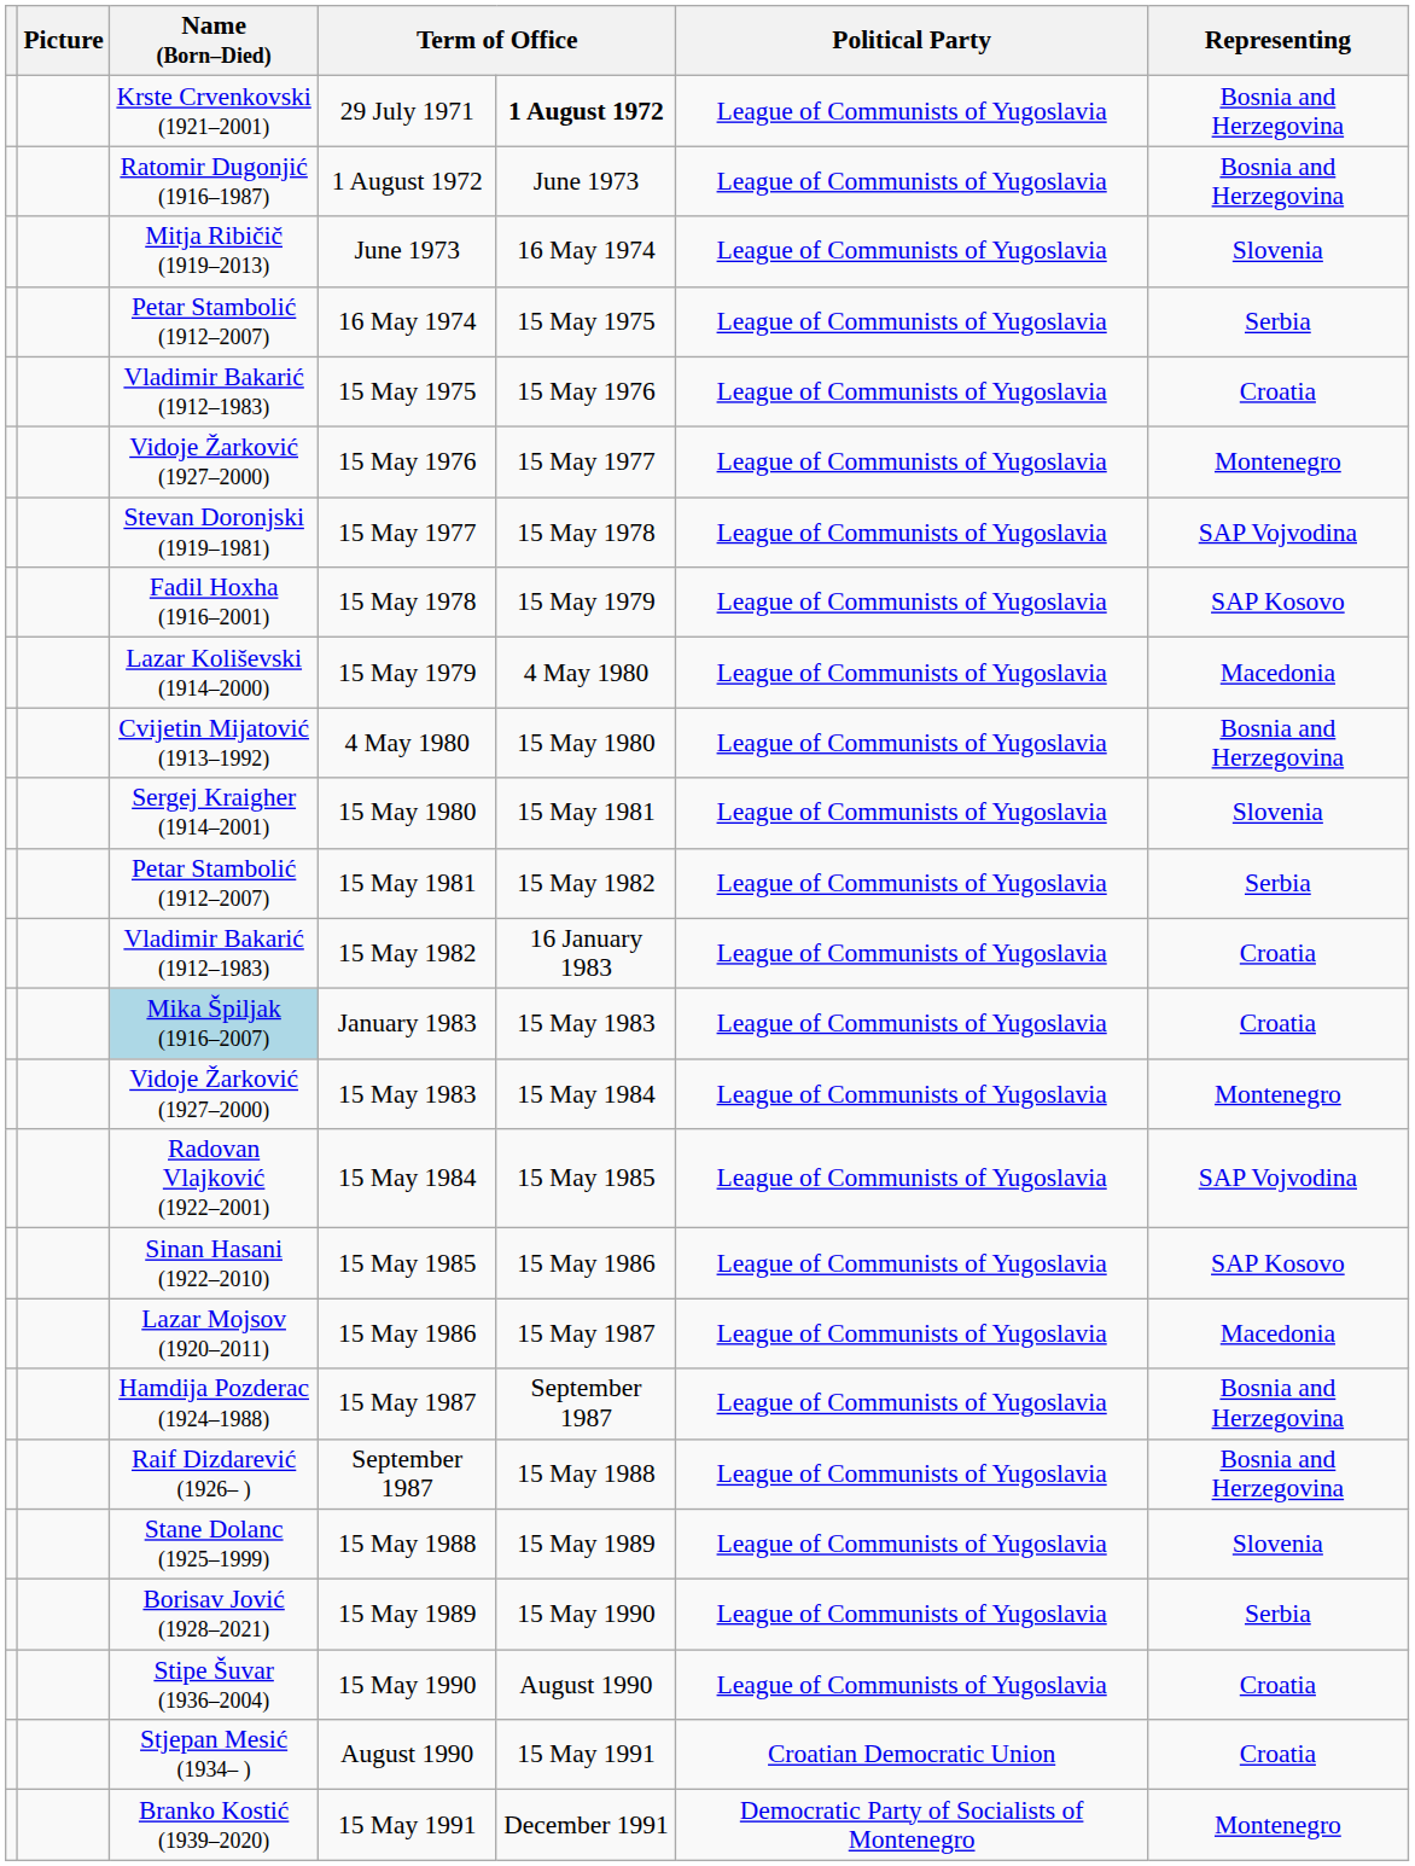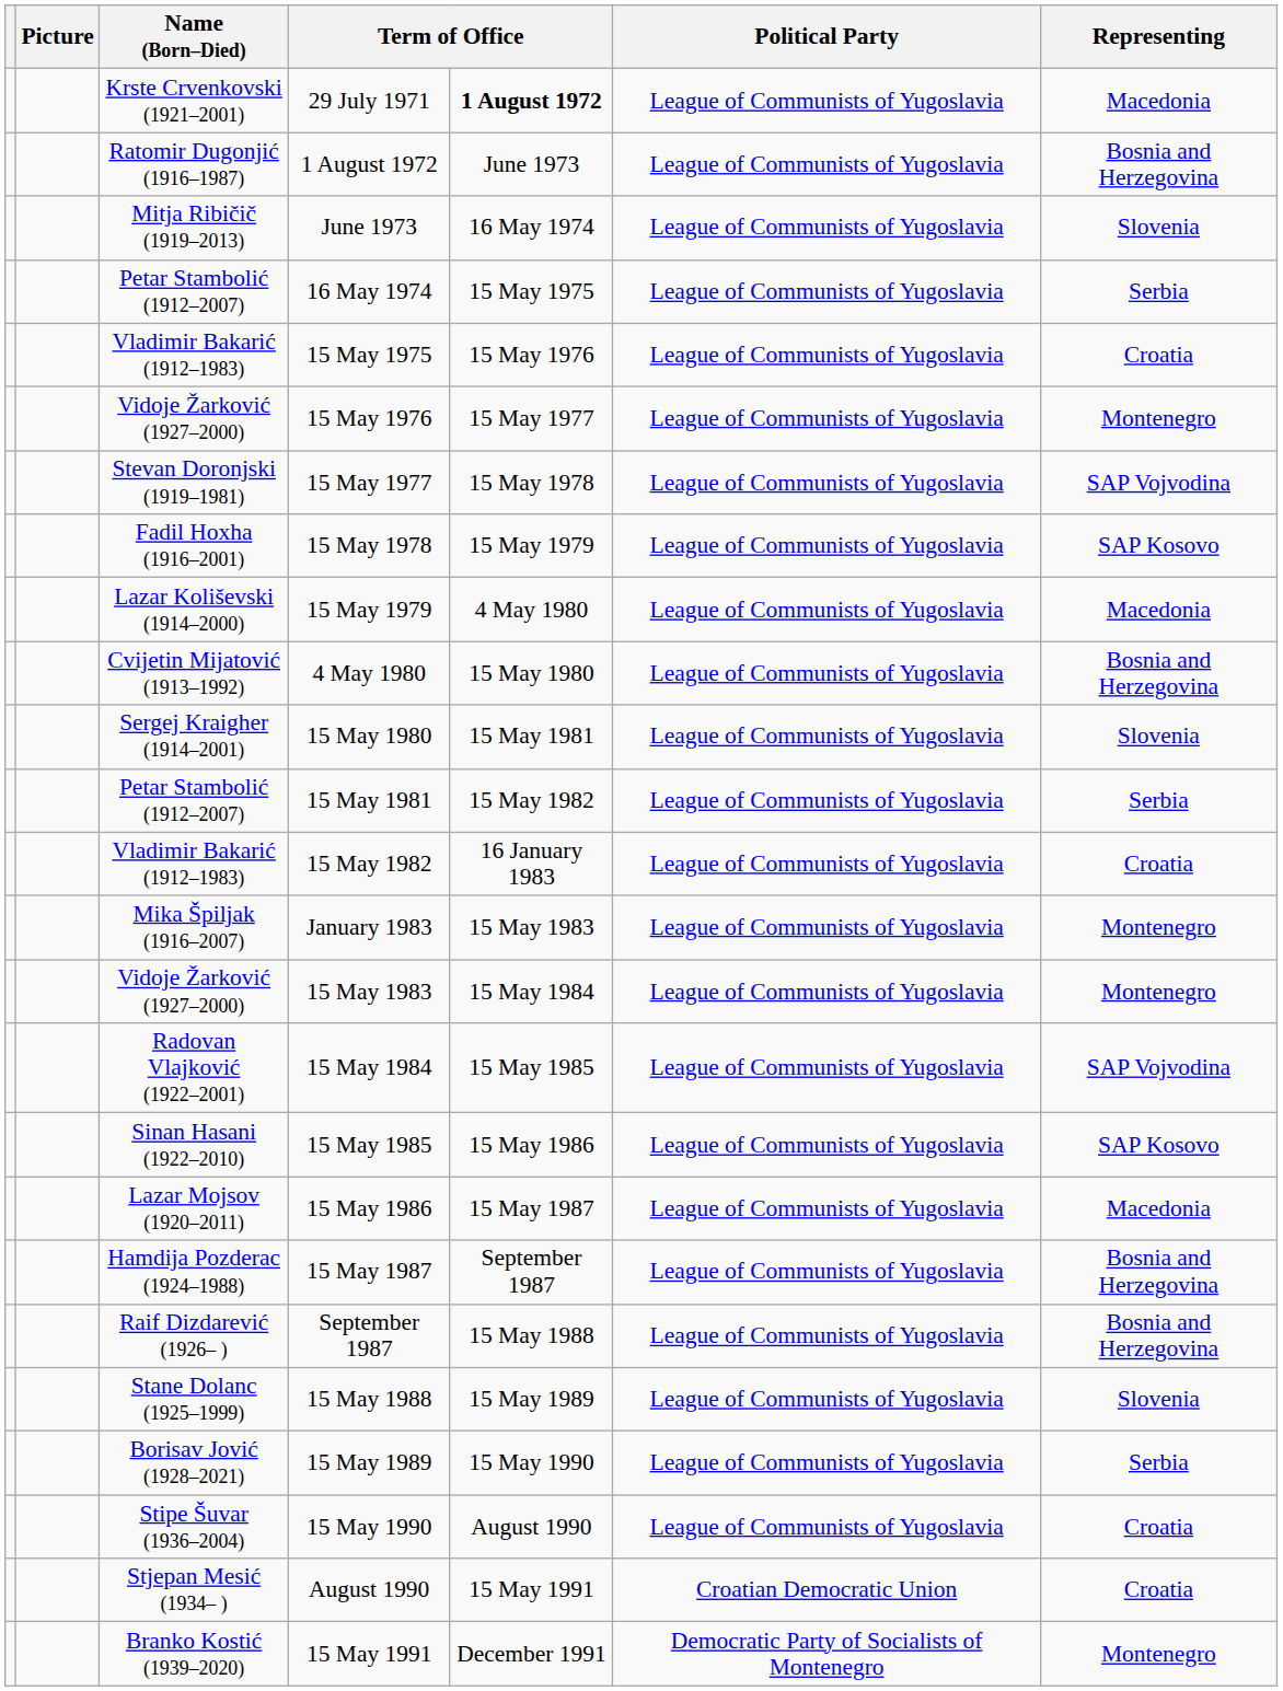 <table class="wikitable"  style="text-align:center;">
 <tr>
 <th></th>
 <th>Picture</th>
 <th>Name<br><small>(Born–Died)</small></th>
 <th colspan="2">Term of Office</th>
 <th>Political Party</th>
 <th>Representing</th>
 </tr>
 <tr>
 <td style="background:"></td>
 <td></td>
 <td><a href='#'>Krste Crvenkovski</a><br><small>(1921–2001)</small></td>
 <td>29 July 1971</td>
 <td><strong>1 August 1972</strong></td>
 <td><a href='#'>League of Communists of Yugoslavia</a></td>
-<td><a href='#'>Bosnia and Herzegovina</a></td>
+<td><a href='#'>Macedonia</a></td>
 </tr>
 <tr>
 <td style="background:"></td>
 <td></td>
 <td><a href='#'>Ratomir Dugonjić</a><br><small>(1916–1987)</small></td>
 <td>1 August 1972</td>
 <td>June 1973</td>
 <td><a href='#'>League of Communists of Yugoslavia</a></td>
 <td><a href='#'>Bosnia and Herzegovina</a></td>
 </tr>
 <tr>
 <td style="background:"></td>
 <td></td>
 <td><a href='#'>Mitja Ribičič</a><br><small>(1919–2013)</small></td>
 <td>June 1973</td>
 <td>16 May 1974</td>
 <td><a href='#'>League of Communists of Yugoslavia</a></td>
 <td><a href='#'>Slovenia</a></td>
 </tr>
 <tr>
 <td style="background:"></td>
 <td></td>
 <td><a href='#'>Petar Stambolić</a><br><small>(1912–2007)</small></td>
 <td>16 May 1974</td>
 <td>15 May 1975</td>
 <td><a href='#'>League of Communists of Yugoslavia</a></td>
 <td><a href='#'>Serbia</a></td>
 </tr>
 <tr>
 <td style="background:"></td>
 <td></td>
 <td><a href='#'>Vladimir Bakarić</a><br><small>(1912–1983)</small></td>
 <td>15 May 1975</td>
 <td>15 May 1976</td>
 <td><a href='#'>League of Communists of Yugoslavia</a></td>
 <td><a href='#'>Croatia</a></td>
 </tr>
 <tr>
 <td style="background:"></td>
 <td></td>
 <td><a href='#'>Vidoje Žarković</a><br><small>(1927–2000)</small></td>
 <td>15 May 1976</td>
 <td>15 May 1977</td>
 <td><a href='#'>League of Communists of Yugoslavia</a></td>
 <td><a href='#'>Montenegro</a></td>
 </tr>
 <tr>
 <td style="background:"></td>
 <td></td>
 <td><a href='#'>Stevan Doronjski</a><br><small>(1919–1981)</small></td>
 <td>15 May 1977</td>
 <td>15 May 1978</td>
 <td><a href='#'>League of Communists of Yugoslavia</a></td>
 <td><a href='#'>SAP Vojvodina</a></td>
 </tr>
 <tr>
 <td style="background:"></td>
 <td></td>
 <td><a href='#'>Fadil Hoxha</a><br><small>(1916–2001)</small></td>
 <td>15 May 1978</td>
 <td>15 May 1979</td>
 <td><a href='#'>League of Communists of Yugoslavia</a></td>
 <td><a href='#'>SAP Kosovo</a></td>
 </tr>
 <tr>
 <td style="background:"></td>
 <td></td>
 <td><a href='#'>Lazar Koliševski</a><br><small>(1914–2000)</small></td>
 <td>15 May 1979</td>
 <td>4 May 1980</td>
 <td><a href='#'>League of Communists of Yugoslavia</a></td>
 <td><a href='#'>Macedonia</a></td>
 </tr>
 <tr>
 <td style="background:"></td>
 <td></td>
 <td><a href='#'>Cvijetin Mijatović</a><br><small>(1913–1992)</small></td>
 <td>4 May 1980</td>
 <td>15 May 1980</td>
 <td><a href='#'>League of Communists of Yugoslavia</a></td>
 <td><a href='#'>Bosnia and Herzegovina</a></td>
 </tr>
 <tr>
 <td style="background:"></td>
 <td></td>
 <td><a href='#'>Sergej Kraigher</a><br><small>(1914–2001)</small></td>
 <td>15 May 1980</td>
 <td>15 May 1981</td>
 <td><a href='#'>League of Communists of Yugoslavia</a></td>
 <td><a href='#'>Slovenia</a></td>
 </tr>
 <tr>
 <td style="background:"></td>
 <td></td>
 <td><a href='#'>Petar Stambolić</a><br><small>(1912–2007)</small></td>
 <td>15 May 1981</td>
 <td>15 May 1982</td>
 <td><a href='#'>League of Communists of Yugoslavia</a></td>
 <td><a href='#'>Serbia</a></td>
 </tr>
 <tr>
 <td style="background:"></td>
 <td></td>
 <td><a href='#'>Vladimir Bakarić</a><br><small>(1912–1983)</small></td>
 <td>15 May 1982</td>
 <td>16 January 1983</td>
 <td><a href='#'>League of Communists of Yugoslavia</a></td>
 <td><a href='#'>Croatia</a></td>
 </tr>
 <tr>
 <td style="background:"></td>
 <td></td>
-<td style="background: lightblue;"><a href='#'>Mika Špiljak</a><br><small>(1916–2007)</small></td>
+<td><a href='#'>Mika Špiljak</a><br><small>(1916–2007)</small></td>
 <td>January 1983</td>
 <td>15 May 1983</td>
 <td><a href='#'>League of Communists of Yugoslavia</a></td>
-<td><a href='#'>Croatia</a></td>
+<td><a href='#'>Montenegro</a></td>
 </tr>
 <tr>
 <td style="background:"></td>
 <td></td>
 <td><a href='#'>Vidoje Žarković</a><br><small>(1927–2000)</small></td>
 <td>15 May 1983</td>
 <td>15 May 1984</td>
 <td><a href='#'>League of Communists of Yugoslavia</a></td>
 <td><a href='#'>Montenegro</a></td>
 </tr>
 <tr>
 <td style="background:"></td>
 <td></td>
 <td><a href='#'>Radovan Vlajković</a><br><small>(1922–2001)</small></td>
 <td>15 May 1984</td>
 <td>15 May 1985</td>
 <td><a href='#'>League of Communists of Yugoslavia</a></td>
 <td><a href='#'>SAP Vojvodina</a></td>
 </tr>
 <tr>
 <td style="background:"></td>
 <td></td>
 <td><a href='#'>Sinan Hasani</a><br><small>(1922–2010)</small></td>
 <td>15 May 1985</td>
 <td>15 May 1986</td>
 <td><a href='#'>League of Communists of Yugoslavia</a></td>
 <td><a href='#'>SAP Kosovo</a></td>
 </tr>
 <tr>
 <td style="background:"></td>
 <td></td>
 <td><a href='#'>Lazar Mojsov</a><br><small>(1920–2011)</small></td>
 <td>15 May 1986</td>
 <td>15 May 1987</td>
 <td><a href='#'>League of Communists of Yugoslavia</a></td>
 <td><a href='#'>Macedonia</a></td>
 </tr>
 <tr>
 <td style="background:"></td>
 <td></td>
 <td><a href='#'>Hamdija Pozderac</a><br><small>(1924–1988)</small></td>
 <td>15 May 1987</td>
 <td>September 1987</td>
 <td><a href='#'>League of Communists of Yugoslavia</a></td>
 <td><a href='#'>Bosnia and Herzegovina</a></td>
 </tr>
 <tr>
 <td style="background:"></td>
 <td></td>
 <td><a href='#'>Raif Dizdarević</a><br><small>(1926– )</small></td>
 <td>September 1987</td>
 <td>15 May 1988</td>
 <td><a href='#'>League of Communists of Yugoslavia</a></td>
 <td><a href='#'>Bosnia and Herzegovina</a></td>
 </tr>
 <tr>
 <td style="background:"></td>
 <td></td>
 <td><a href='#'>Stane Dolanc</a><br><small>(1925–1999)</small></td>
 <td>15 May 1988</td>
 <td>15 May 1989</td>
 <td><a href='#'>League of Communists of Yugoslavia</a></td>
 <td><a href='#'>Slovenia</a></td>
 </tr>
 <tr>
 <td style="background:"></td>
 <td></td>
 <td><a href='#'>Borisav Jović</a><br><small>(1928–2021)</small></td>
 <td>15 May 1989</td>
 <td>15 May 1990</td>
 <td><a href='#'>League of Communists of Yugoslavia</a></td>
 <td><a href='#'>Serbia</a></td>
 </tr>
 <tr>
 <td style="background:"></td>
 <td></td>
 <td><a href='#'>Stipe Šuvar</a><br><small>(1936–2004)</small></td>
 <td>15 May 1990</td>
 <td>August 1990</td>
 <td><a href='#'>League of Communists of Yugoslavia</a></td>
 <td><a href='#'>Croatia</a></td>
 </tr>
 <tr>
 <td style="background:"></td>
 <td></td>
 <td><a href='#'>Stjepan Mesić</a><br><small>(1934– )</small></td>
 <td>August 1990</td>
 <td>15 May 1991</td>
 <td><a href='#'>Croatian Democratic Union</a></td>
 <td><a href='#'>Croatia</a></td>
 </tr>
 <tr>
 <td style="background:"></td>
 <td></td>
 <td><a href='#'>Branko Kostić</a><br><small>(1939–2020)</small></td>
 <td>15 May 1991</td>
 <td>December 1991</td>
 <td><a href='#'>Democratic Party of Socialists of Montenegro</a></td>
 <td><a href='#'>Montenegro</a></td>
 </tr>
 </table>
